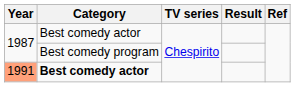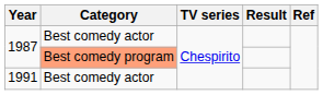 <table class="wikitable">
 <tr>
 <th>Year</th>
 <th>Category</th>
 <th>TV series</th>
 <th>Result</th>
 <th>Ref</th>
 </tr>
 <tr>
 <td rowspan="2">1987</td>
 <td>Best comedy actor</td>
 <td rowspan="3"><a href='#'>Chespirito</a></td>
 <td></td>
 <td rowspan="3"></td>
 </tr>
 <tr>
-<td>Best comedy program</td>
+<td style="background: lightsalmon;">Best comedy program</td>
 <td></td>
 </tr>
 <tr>
-<td style="background: lightsalmon;">1991</td>
-<td><strong>Best comedy actor</strong></td>
+<td>1991</td>
+<td>Best comedy actor</td>
 <td></td>
 </tr>
 </table>
